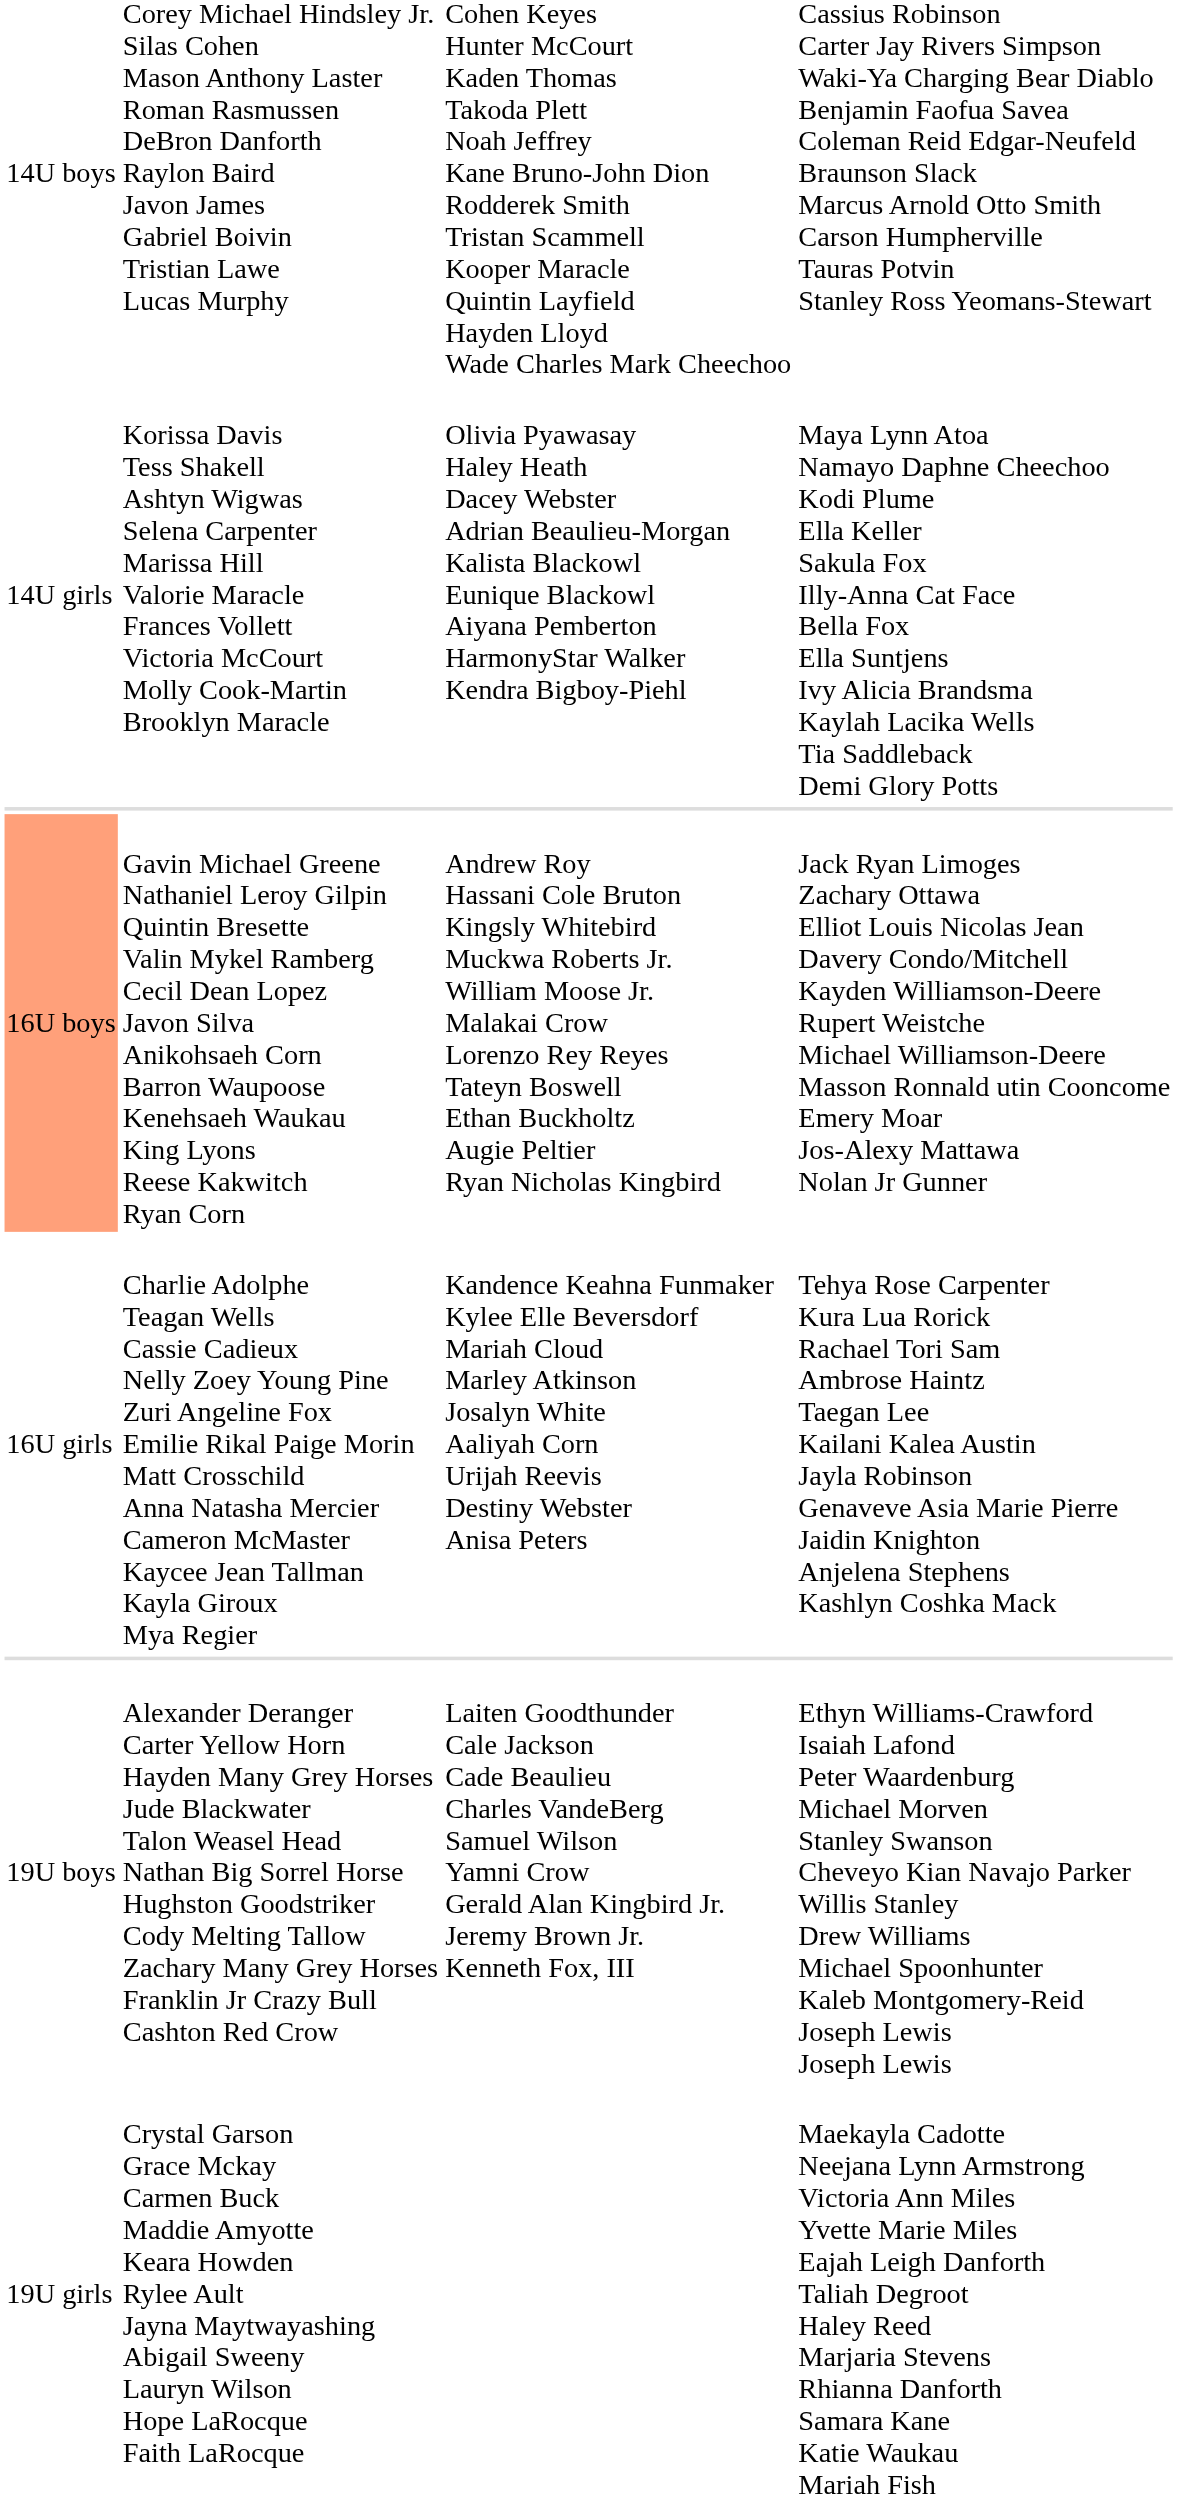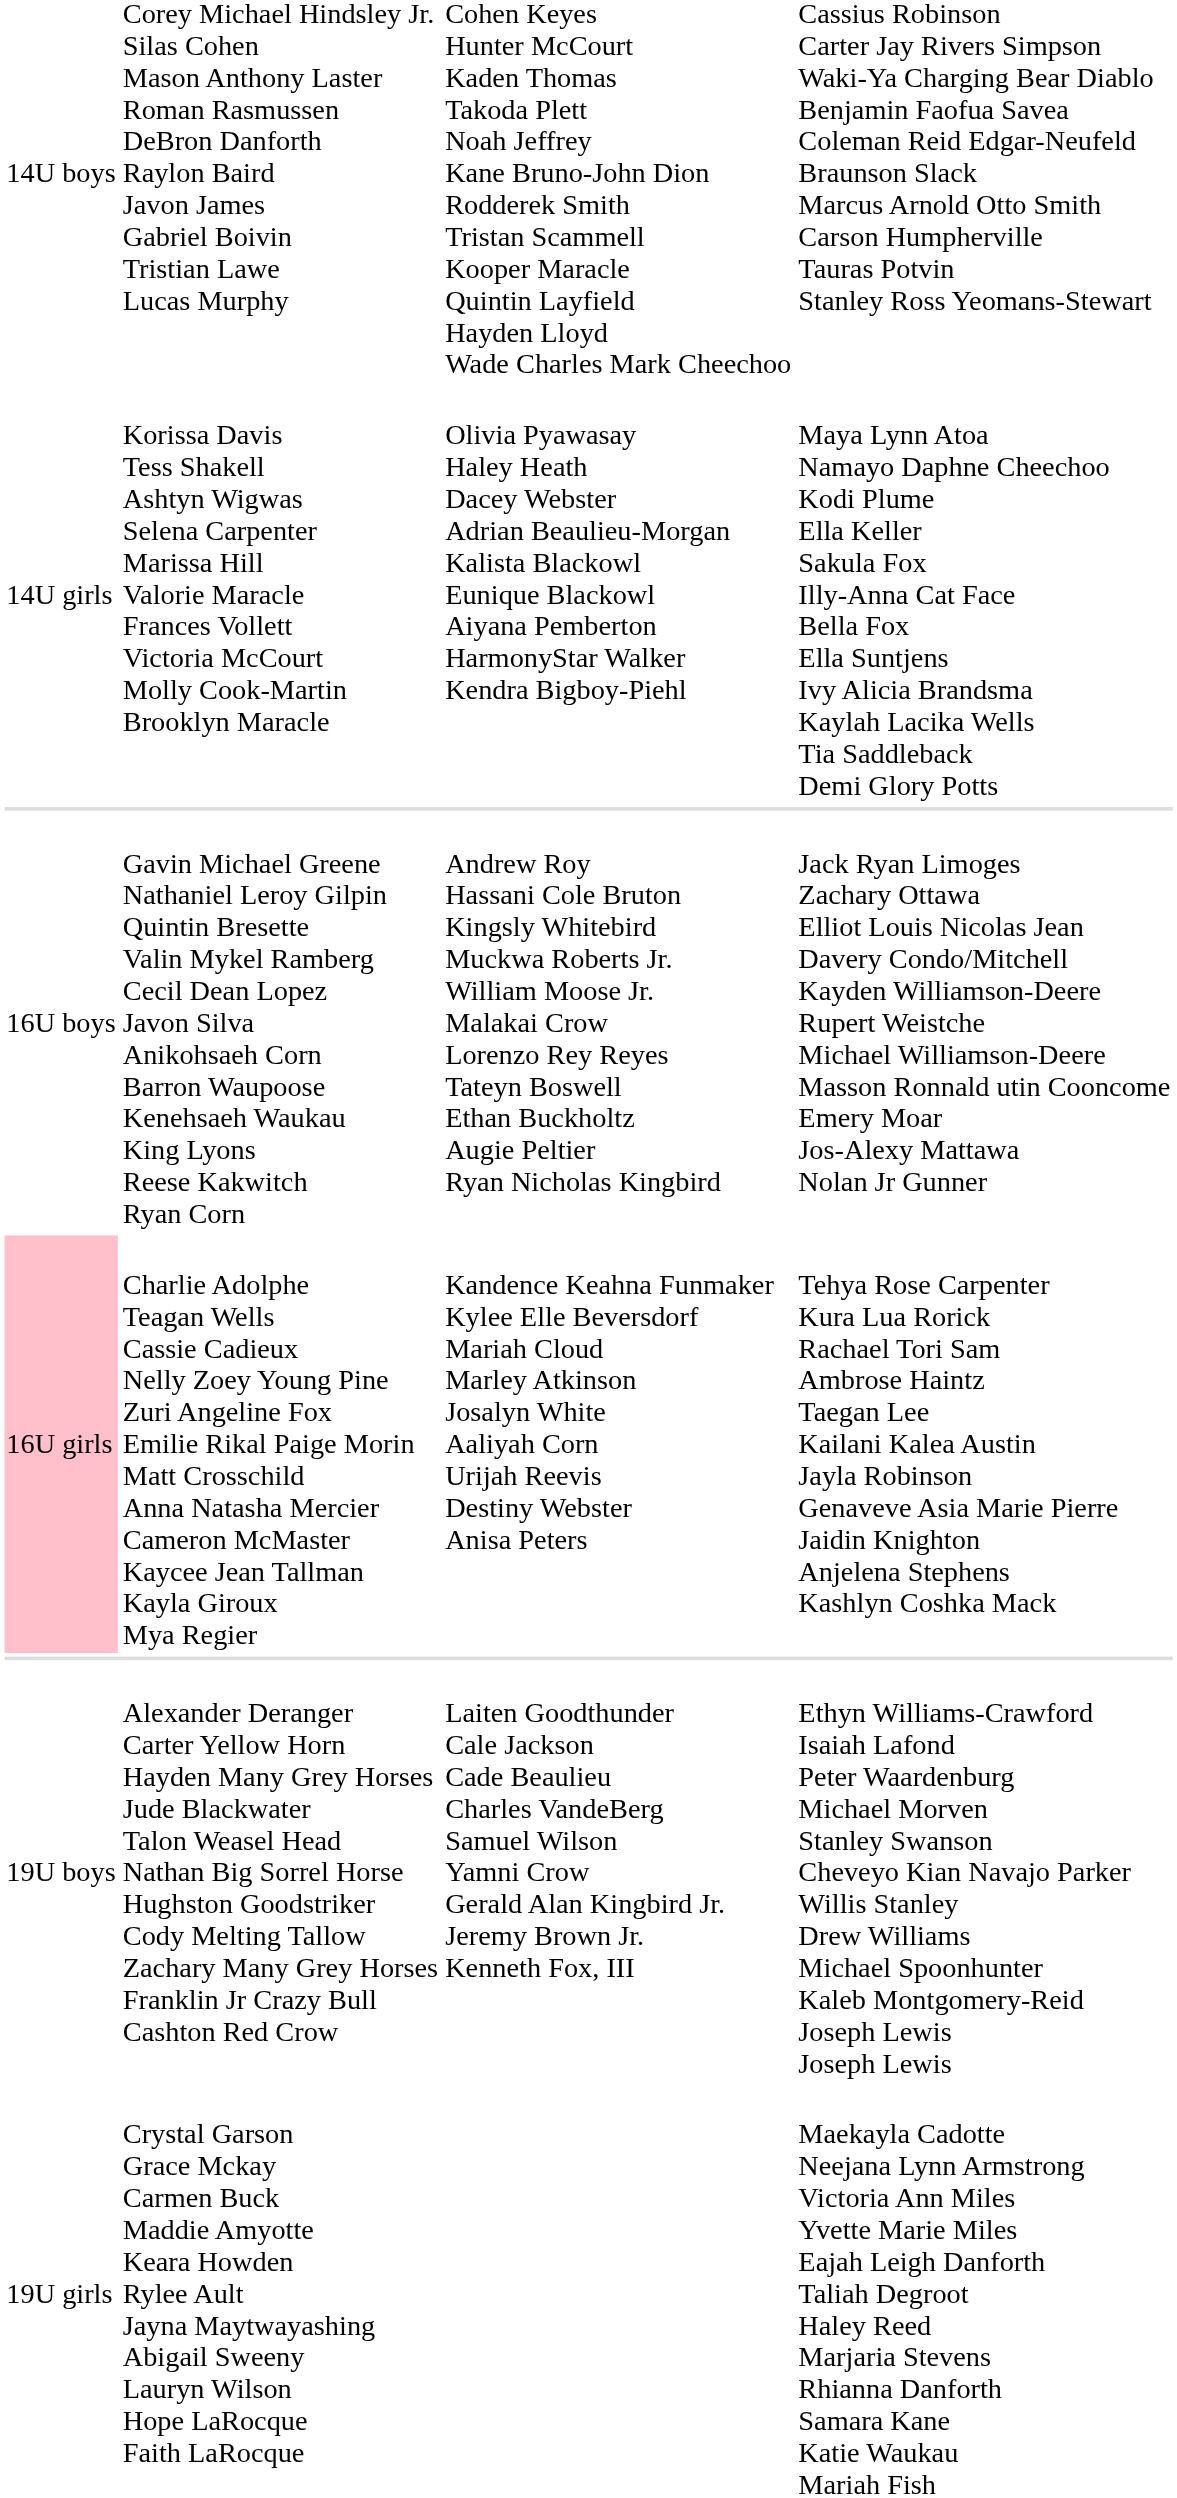 <table>
 <tr>
 <td>14U boys</td>
 <td valign=top><br>Corey Michael Hindsley Jr.<br>Silas Cohen<br>Mason Anthony Laster<br>Roman Rasmussen<br>DeBron Danforth<br>Raylon Baird<br>Javon James<br>Gabriel Boivin<br>Tristian Lawe<br>Lucas Murphy</td>
 <td nowrap><br>Cohen Keyes<br>Hunter McCourt<br>Kaden Thomas<br>Takoda Plett<br>Noah Jeffrey<br>Kane Bruno-John Dion<br>Rodderek Smith<br>Tristan Scammell<br>Kooper Maracle<br>Quintin Layfield<br>Hayden Lloyd<br>Wade Charles Mark Cheechoo</td>
 <td valign=top><br>Cassius Robinson<br>Carter Jay Rivers Simpson<br>Waki-Ya Charging Bear Diablo<br>Benjamin Faofua Savea<br>Coleman Reid Edgar-Neufeld<br>Braunson Slack<br>Marcus Arnold Otto Smith<br>Carson Humpherville<br>Tauras Potvin<br>Stanley Ross Yeomans-Stewart</td>
 </tr>
 <tr>
 <td>14U girls</td>
 <td valign=top><br>Korissa Davis<br>Tess Shakell<br>Ashtyn Wigwas<br>Selena Carpenter<br>Marissa Hill<br>Valorie Maracle<br>Frances Vollett<br>Victoria McCourt<br>Molly Cook-Martin<br>Brooklyn Maracle</td>
 <td valign=top><br>Olivia Pyawasay<br>Haley Heath<br>Dacey Webster<br>Adrian Beaulieu-Morgan<br>Kalista Blackowl<br>Eunique Blackowl<br>Aiyana Pemberton<br>HarmonyStar Walker<br>Kendra Bigboy-Piehl</td>
 <td><br>Maya Lynn Atoa<br>Namayo Daphne Cheechoo<br>Kodi Plume<br>Ella Keller<br>Sakula Fox<br>Illy-Anna Cat Face<br>Bella Fox<br>Ella Suntjens<br>Ivy Alicia Brandsma<br>Kaylah Lacika Wells<br>Tia Saddleback<br>Demi Glory Potts</td>
 </tr>
 <tr bgcolor=#dddddd>
 <td colspan=4></td>
 </tr>
 <tr>
-<td style="background: lightsalmon;">16U boys</td>
+<td>16U boys</td>
 <td><br>Gavin Michael Greene<br>Nathaniel Leroy Gilpin<br>Quintin Bresette<br>Valin Mykel Ramberg<br>Cecil Dean Lopez<br>Javon Silva<br>Anikohsaeh Corn<br>Barron Waupoose<br>Kenehsaeh Waukau<br>King Lyons<br>Reese Kakwitch<br>Ryan Corn</td>
 <td valign=top><br>Andrew Roy<br>Hassani Cole Bruton<br>Kingsly Whitebird<br>Muckwa Roberts Jr.<br>William Moose Jr.<br>Malakai Crow<br>Lorenzo Rey Reyes<br>Tateyn Boswell<br>Ethan Buckholtz<br>Augie Peltier<br>Ryan Nicholas Kingbird</td>
 <td nowrap valign=top><br>Jack Ryan Limoges<br>Zachary Ottawa<br>Elliot Louis Nicolas Jean<br>Davery Condo/Mitchell<br>Kayden Williamson-Deere<br>Rupert Weistche<br>Michael Williamson-Deere<br>Masson Ronnald utin Cooncome<br>Emery Moar<br>Jos-Alexy Mattawa<br>Nolan Jr Gunner</td>
 </tr>
 <tr>
-<td>16U girls</td>
+<td style="background: pink;">16U girls</td>
 <td><br>Charlie Adolphe<br>Teagan Wells<br>Cassie Cadieux<br>Nelly Zoey Young Pine<br>Zuri Angeline Fox<br>Emilie Rikal Paige Morin<br>Matt Crosschild<br>Anna Natasha Mercier<br>Cameron McMaster<br>Kaycee Jean Tallman<br>Kayla Giroux<br>Mya Regier</td>
 <td valign=top><br>Kandence Keahna Funmaker<br>Kylee Elle Beversdorf<br>Mariah Cloud<br>Marley Atkinson<br>Josalyn White<br>Aaliyah Corn<br>Urijah Reevis<br>Destiny Webster<br>Anisa Peters</td>
 <td valign=top><br>Tehya Rose Carpenter<br>Kura Lua Rorick<br>Rachael Tori Sam<br>Ambrose Haintz<br>Taegan Lee<br>Kailani Kalea Austin<br>Jayla Robinson<br>Genaveve Asia Marie Pierre<br>Jaidin Knighton<br>Anjelena Stephens<br>Kashlyn Coshka Mack</td>
 </tr>
 <tr bgcolor=#dddddd>
 <td colspan=4></td>
 </tr>
 <tr>
 <td>19U boys</td>
 <td valign=top><br>Alexander Deranger<br>Carter Yellow Horn<br>Hayden Many Grey Horses<br>Jude Blackwater<br>Talon Weasel Head<br>Nathan Big Sorrel Horse<br>Hughston Goodstriker<br>Cody Melting Tallow<br>Zachary Many Grey Horses<br>Franklin Jr Crazy Bull<br>Cashton Red Crow</td>
 <td valign=top><br>Laiten Goodthunder<br>Cale Jackson<br>Cade Beaulieu<br>Charles VandeBerg<br>Samuel Wilson<br>Yamni Crow<br>Gerald Alan Kingbird Jr.<br>Jeremy Brown Jr.<br>Kenneth Fox, III</td>
 <td><br>Ethyn Williams-Crawford<br>Isaiah Lafond<br>Peter Waardenburg<br>Michael Morven<br>Stanley Swanson<br>Cheveyo Kian Navajo Parker<br>Willis Stanley<br>Drew Williams<br>Michael Spoonhunter<br>Kaleb Montgomery-Reid<br>Joseph Lewis<br>Joseph Lewis</td>
 </tr>
 <tr>
 <td>19U girls</td>
 <td valign=top><br>Crystal Garson<br>Grace Mckay<br>Carmen Buck<br>Maddie Amyotte<br>Keara Howden<br>Rylee Ault<br>Jayna Maytwayashing<br>Abigail Sweeny<br>Lauryn Wilson<br>Hope LaRocque<br>Faith LaRocque</td>
 <td valign=top></td>
 <td><br>Maekayla Cadotte<br>Neejana Lynn Armstrong<br>Victoria Ann Miles<br>Yvette Marie Miles<br>Eajah Leigh Danforth<br>Taliah Degroot<br>Haley Reed<br>Marjaria Stevens<br>Rhianna Danforth<br>Samara Kane<br>Katie Waukau<br>Mariah Fish</td>
 </tr>
 </table>
